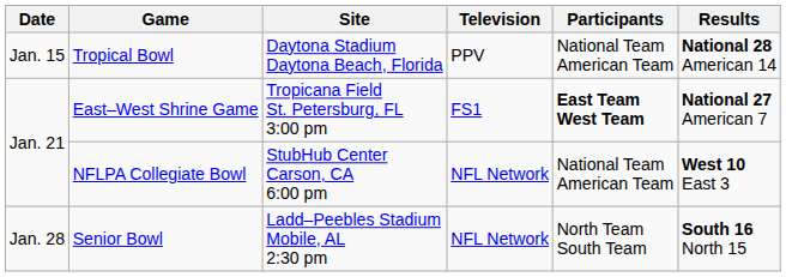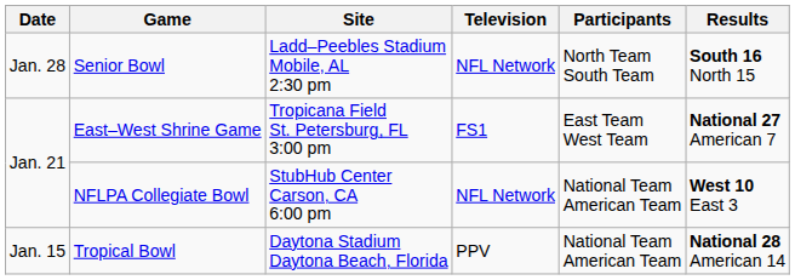 <table class="wikitable" style="font-size:90%;">
 <tr>
 <th>Date</th>
 <th>Game</th>
 <th>Site</th>
 <th>Television</th>
 <th>Participants</th>
 <th>Results</th>
 </tr>
 <tr>
-<td>Jan. 15</td>
-<td><a href='#'>Tropical Bowl</a></td>
-<td><a href='#'>Daytona Stadium</a><br><a href='#'>Daytona Beach, Florida</a></td>
-<td>PPV</td>
-<td>National Team<br>American Team</td>
-<td><strong>National 28</strong><br>American 14</td>
+<td style=white–space:nowrap>Jan. 28</td>
+<td><a href='#'>Senior Bowl</a></td>
+<td><a href='#'>Ladd–Peebles Stadium</a><br><a href='#'>Mobile, AL</a><br>2:30 pm</td>
+<td><a href='#'>NFL Network</a></td>
+<td>North Team<br>South Team</td>
+<td><strong>South 16</strong><br> North 15</td>
 </tr>
 <tr>
 <td rowspan=2>Jan. 21</td>
 <td><a href='#'>East–West Shrine Game</a></td>
 <td><a href='#'>Tropicana Field</a><br><a href='#'>St. Petersburg, FL</a><br>3:00 pm</td>
 <td><a href='#'>FS1</a></td>
-<td><strong>East Team<br>West Team</strong></td>
+<td>East Team<br>West Team</td>
 <td><strong>National 27</strong><br> American 7</td>
 </tr>
 <tr>
 <td><a href='#'>NFLPA Collegiate Bowl</a></td>
 <td><a href='#'>StubHub Center</a><br><a href='#'>Carson, CA</a><br>6:00 pm</td>
 <td><a href='#'>NFL Network</a></td>
 <td>National Team<br>American Team</td>
 <td><strong>West 10</strong><br> East 3</td>
 </tr>
 <tr>
-<td style=white–space:nowrap>Jan. 28</td>
-<td><a href='#'>Senior Bowl</a></td>
-<td><a href='#'>Ladd–Peebles Stadium</a><br><a href='#'>Mobile, AL</a><br>2:30 pm</td>
-<td><a href='#'>NFL Network</a></td>
-<td>North Team<br>South Team</td>
-<td><strong>South 16</strong><br> North 15</td>
+<td>Jan. 15</td>
+<td><a href='#'>Tropical Bowl</a></td>
+<td><a href='#'>Daytona Stadium</a><br><a href='#'>Daytona Beach, Florida</a></td>
+<td>PPV</td>
+<td>National Team<br>American Team</td>
+<td><strong>National 28</strong><br>American 14</td>
 </tr>
 </table>
